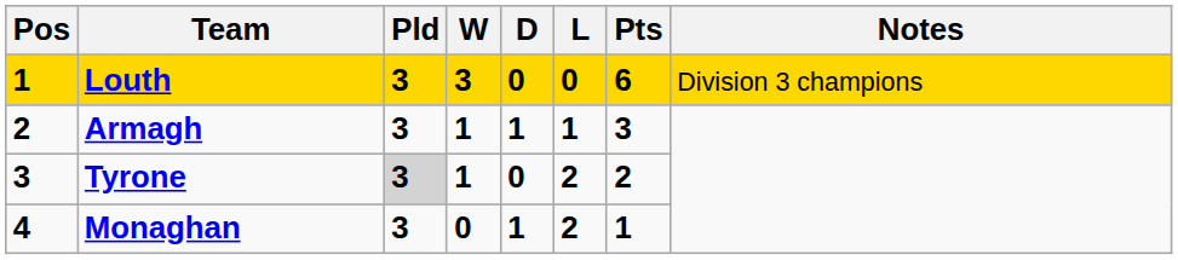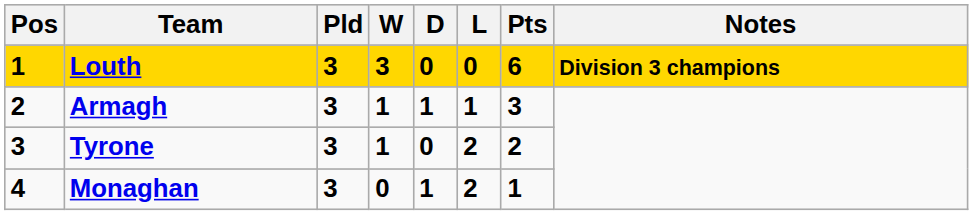 <table class="wikitable" style="text-align: centre;">
 <tr>
 <th width=20>Pos</th>
 <th width=150>Team</th>
 <th width=20>Pld</th>
 <th width=20>W</th>
 <th width=20>D</th>
 <th width=20>L</th>
 <th width=20>Pts</th>
 <th width=250>Notes</th>
 </tr>
 <tr style="background:gold;">
 <td><strong>1</strong></td>
 <td align=left><strong> <a href='#'>Louth</a> </strong></td>
 <td><strong>3</strong></td>
 <td><strong>3</strong></td>
 <td><strong>0</strong></td>
 <td><strong>0</strong></td>
 <td><strong>6</strong></td>
-<td><small> Division 3 champions</small></td>
+<td><strong><small> Division 3 champions</small></strong></td>
 </tr>
 <tr>
 <td><strong>2</strong></td>
 <td align=left><strong> <a href='#'>Armagh</a> </strong></td>
 <td><strong>3</strong></td>
 <td><strong>1</strong></td>
 <td><strong>1</strong></td>
 <td><strong>1</strong></td>
 <td><strong>3</strong></td>
 </tr>
 <tr>
 <td><strong>3</strong></td>
 <td align=left><strong> <a href='#'>Tyrone</a> </strong></td>
-<td style="background: lightgrey;"><strong>3</strong></td>
+<td><strong>3</strong></td>
 <td><strong>1</strong></td>
 <td><strong>0</strong></td>
 <td><strong>2</strong></td>
 <td><strong>2</strong></td>
 </tr>
 <tr>
 <td><strong>4</strong></td>
 <td align=left><strong> <a href='#'>Monaghan</a> </strong></td>
 <td><strong>3</strong></td>
 <td><strong>0</strong></td>
 <td><strong>1</strong></td>
 <td><strong>2</strong></td>
 <td><strong>1</strong></td>
 </tr>
 </table>
